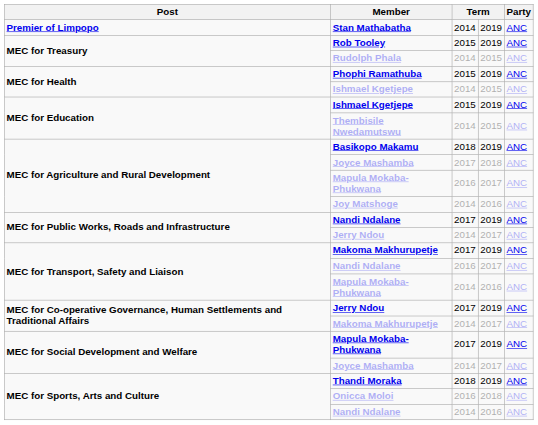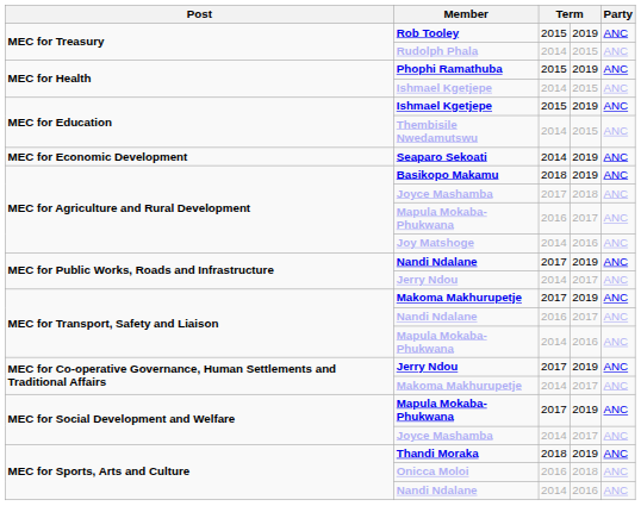 <table class="wikitable">
 <tr>
 <th>Post</th>
 <th>Member</th>
 <th colspan="2">Term</th>
 <th>Party</th>
-</tr>
-<tr>
-<td><strong><a href='#'>Premier of Limpopo</a></strong></td>
-<td><strong><a href='#'>Stan Mathabatha</a></strong></td>
-<td>2014</td>
-<td>2019</td>
-<td><a href='#'>ANC</a></td>
 </tr>
 <tr>
 <td rowspan="2"><strong>MEC for Treasury</strong></td>
 <td><strong><a href='#'>Rob Tooley</a></strong></td>
 <td>2015</td>
 <td>2019</td>
 <td><a href='#'>ANC</a></td>
 </tr>
 <tr style="opacity:.3;">
 <td><strong><a href='#'>Rudolph Phala</a></strong></td>
 <td>2014</td>
 <td>2015</td>
 <td><a href='#'>ANC</a></td>
 </tr>
 <tr>
 <td rowspan="2"><strong>MEC for Health</strong></td>
 <td><strong><a href='#'>Phophi Ramathuba</a></strong></td>
 <td>2015</td>
 <td>2019</td>
 <td><a href='#'>ANC</a></td>
 </tr>
 <tr style="opacity:.3;">
 <td><strong><a href='#'>Ishmael Kgetjepe</a></strong></td>
 <td>2014</td>
 <td>2015</td>
 <td><a href='#'>ANC</a></td>
 </tr>
 <tr>
 <td rowspan="2"><strong>MEC for Education</strong></td>
 <td><strong><a href='#'>Ishmael Kgetjepe</a></strong></td>
 <td>2015</td>
 <td>2019</td>
 <td><a href='#'>ANC</a></td>
 </tr>
 <tr style="opacity:.3;">
 <td><strong><a href='#'>Thembisile Nwedamutswu</a></strong></td>
 <td>2014</td>
 <td>2015</td>
+<td><a href='#'>ANC</a></td>
+</tr>
+<tr>
+<td><strong>MEC for Economic Development</strong></td>
+<td><strong><a href='#'>Seaparo Sekoati</a></strong></td>
+<td>2014</td>
+<td>2019</td>
 <td><a href='#'>ANC</a></td>
 </tr>
 <tr>
 <td rowspan="4"><strong>MEC for Agriculture and Rural Development</strong></td>
 <td><strong><a href='#'>Basikopo Makamu</a></strong></td>
 <td>2018</td>
 <td>2019</td>
 <td><a href='#'>ANC</a></td>
 </tr>
 <tr style="opacity:.3;">
 <td><strong><a href='#'>Joyce Mashamba</a></strong></td>
 <td>2017</td>
 <td>2018</td>
 <td><a href='#'>ANC</a></td>
 </tr>
 <tr style="opacity:.3;">
 <td><strong><a href='#'>Mapula Mokaba-Phukwana</a></strong></td>
 <td>2016</td>
 <td>2017</td>
 <td><a href='#'>ANC</a></td>
 </tr>
 <tr style="opacity:.3;">
 <td><strong><a href='#'>Joy Matshoge</a></strong></td>
 <td>2014</td>
 <td>2016</td>
 <td><a href='#'>ANC</a></td>
 </tr>
 <tr>
 <td rowspan="2"><strong>MEC for Public Works, Roads and Infrastructure</strong></td>
 <td><strong><a href='#'>Nandi Ndalane</a></strong></td>
 <td>2017</td>
 <td>2019</td>
 <td><a href='#'>ANC</a></td>
 </tr>
 <tr style="opacity:.3;">
 <td><strong><a href='#'>Jerry Ndou</a></strong></td>
 <td>2014</td>
 <td>2017</td>
 <td><a href='#'>ANC</a></td>
 </tr>
 <tr>
 <td rowspan="3"><strong>MEC for Transport, Safety and Liaison</strong></td>
 <td><strong><a href='#'>Makoma Makhurupetje</a></strong></td>
 <td>2017</td>
 <td>2019</td>
 <td><a href='#'>ANC</a></td>
 </tr>
 <tr style="opacity:.3;">
 <td><strong><a href='#'>Nandi Ndalane</a></strong></td>
 <td>2016</td>
 <td>2017</td>
 <td><a href='#'>ANC</a></td>
 </tr>
 <tr style="opacity:.3;">
 <td><strong><a href='#'>Mapula Mokaba-Phukwana</a></strong></td>
 <td>2014</td>
 <td>2016</td>
 <td><a href='#'>ANC</a></td>
 </tr>
 <tr>
 <td rowspan="2"><strong>MEC for Co-operative Governance, Human Settlements and Traditional Affairs</strong></td>
 <td><strong><a href='#'>Jerry Ndou</a></strong></td>
 <td>2017</td>
 <td>2019</td>
 <td><a href='#'>ANC</a></td>
 </tr>
 <tr style="opacity:.3;">
 <td><strong><a href='#'>Makoma Makhurupetje</a></strong></td>
 <td>2014</td>
 <td>2017</td>
 <td><a href='#'>ANC</a></td>
 </tr>
 <tr>
 <td rowspan="2"><strong>MEC for Social Development and Welfare</strong></td>
 <td><strong><a href='#'>Mapula Mokaba-Phukwana</a></strong></td>
 <td>2017</td>
 <td>2019</td>
 <td><a href='#'>ANC</a></td>
 </tr>
 <tr style="opacity:.3;">
 <td><strong><a href='#'>Joyce Mashamba</a></strong></td>
 <td>2014</td>
 <td>2017</td>
 <td><a href='#'>ANC</a></td>
 </tr>
 <tr>
 <td rowspan="3"><strong>MEC for Sports, Arts and Culture</strong></td>
 <td><strong><a href='#'>Thandi Moraka</a></strong></td>
 <td>2018</td>
 <td>2019</td>
 <td><a href='#'>ANC</a></td>
 </tr>
 <tr style="opacity:.3;">
 <td><strong><a href='#'>Onicca Moloi</a></strong></td>
 <td>2016</td>
 <td>2018</td>
 <td><a href='#'>ANC</a></td>
 </tr>
 <tr style="opacity:.3;">
 <td><strong><a href='#'>Nandi Ndalane</a></strong></td>
 <td>2014</td>
 <td>2016</td>
 <td><a href='#'>ANC</a></td>
 </tr>
 </table>
